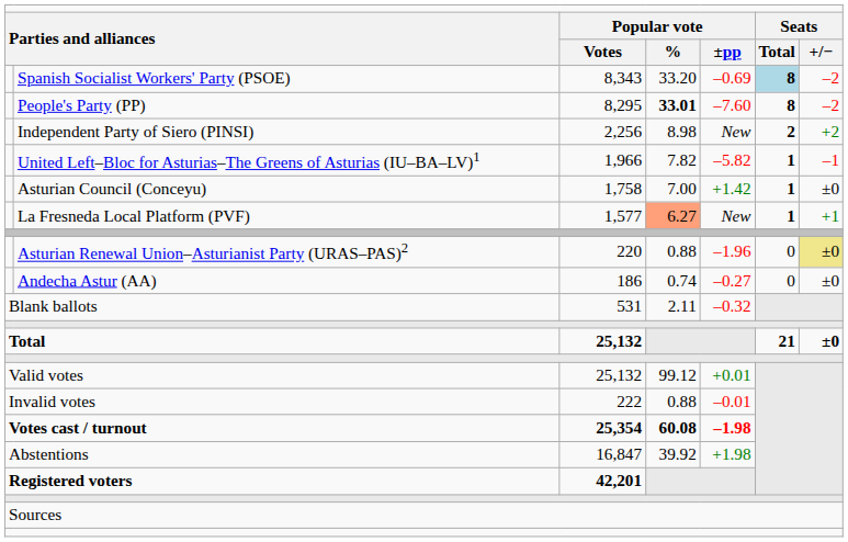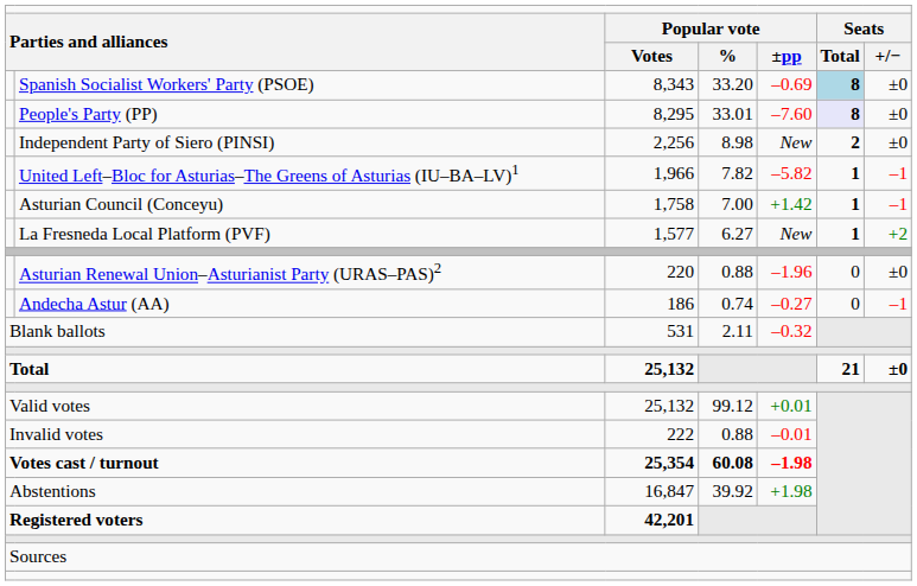 <table class="wikitable" style="text-align:right;">
 <tr>
 <td colspan="7"></td>
 </tr>
 <tr>
 <th style="text-align:left;" rowspan="2" colspan="2" width="525">Parties and alliances</th>
 <th colspan="3">Popular vote</th>
 <th colspan="2">Seats</th>
 </tr>
 <tr>
 <th width="75">Votes</th>
 <th width="45">%</th>
 <th width="45">±<a href='#'>pp</a></th>
 <th width="35">Total</th>
 <th width="35">+/−</th>
 </tr>
 <tr>
 <td width="1" style="color:inherit;background:"></td>
 <td align="left"><a href='#'>Spanish Socialist Workers' Party</a> (PSOE)</td>
 <td>8,343</td>
 <td>33.20</td>
 <td style="color:red;">–0.69</td>
 <td style="background: lightblue;"><strong>8</strong></td>
-<td style="color:red;">–2</td>
+<td>±0</td>
 </tr>
 <tr>
 <td style="color:inherit;background:"></td>
 <td align="left"><a href='#'>People's Party</a> (PP)</td>
 <td>8,295</td>
-<td><strong>33.01</strong></td>
+<td>33.01</td>
 <td style="color:red;">–7.60</td>
-<td><strong>8</strong></td>
-<td style="color:red;">–2</td>
+<td style="background: lavender;"><strong>8</strong></td>
+<td>±0</td>
 </tr>
 <tr>
 <td style="color:inherit;background:"></td>
 <td align="left">Independent Party of Siero (PINSI)</td>
 <td>2,256</td>
 <td>8.98</td>
 <td><em>New</em></td>
 <td><strong>2</strong></td>
-<td style="color:green;">+2</td>
+<td>±0</td>
 </tr>
 <tr>
 <td style="color:inherit;background:"></td>
 <td align="left"><a href='#'>United Left</a>–<a href='#'>Bloc for Asturias</a>–<a href='#'>The Greens of Asturias</a> (IU–BA–LV)<sup>1</sup></td>
 <td>1,966</td>
 <td>7.82</td>
 <td style="color:red;">–5.82</td>
 <td><strong>1</strong></td>
 <td style="color:red;">–1</td>
 </tr>
 <tr>
 <td style="color:inherit;background:"></td>
 <td align="left">Asturian Council (Conceyu)</td>
 <td>1,758</td>
 <td>7.00</td>
 <td style="color:green;">+1.42</td>
 <td><strong>1</strong></td>
-<td>±0</td>
+<td style="color:red;">–1</td>
 </tr>
 <tr>
 <td style="color:inherit;background:"></td>
 <td align="left">La Fresneda Local Platform (PVF)</td>
 <td>1,577</td>
-<td style="background: lightsalmon;">6.27</td>
+<td>6.27</td>
 <td><em>New</em></td>
 <td><strong>1</strong></td>
-<td style="color:green;">+1</td>
+<td style="color:green;">+2</td>
 </tr>
 <tr>
 <td colspan="7" bgcolor="#C0C0C0"></td>
 </tr>
 <tr>
 <td style="color:inherit;background:"></td>
 <td align="left"><a href='#'>Asturian Renewal Union</a>–<a href='#'>Asturianist Party</a> (URAS–PAS)<sup>2</sup></td>
 <td>220</td>
 <td>0.88</td>
 <td style="color:red;">–1.96</td>
 <td>0</td>
-<td style="background: khaki;">±0</td>
+<td>±0</td>
 </tr>
 <tr>
 <td style="color:inherit;background:"></td>
 <td align="left"><a href='#'>Andecha Astur</a> (AA)</td>
 <td>186</td>
 <td>0.74</td>
 <td style="color:red;">–0.27</td>
 <td>0</td>
-<td>±0</td>
+<td style="color:red;">–1</td>
 </tr>
 <tr>
 <td align="left" colspan="2">Blank ballots</td>
 <td>531</td>
 <td>2.11</td>
 <td style="color:red;">–0.32</td>
 <td bgcolor="#E9E9E9" colspan="2"></td>
 </tr>
 <tr>
 <td colspan="7" bgcolor="#E9E9E9"></td>
 </tr>
 <tr style="font-weight:bold;">
 <td align="left" colspan="2">Total</td>
 <td>25,132</td>
 <td bgcolor="#E9E9E9" colspan="2"></td>
 <td>21</td>
 <td>±0</td>
 </tr>
 <tr>
 <td colspan="7" bgcolor="#E9E9E9"></td>
 </tr>
 <tr>
 <td align="left" colspan="2">Valid votes</td>
 <td>25,132</td>
 <td>99.12</td>
 <td style="color:green;">+0.01</td>
 <td bgcolor="#E9E9E9" colspan="2" rowspan="5"></td>
 </tr>
 <tr>
 <td align="left" colspan="2">Invalid votes</td>
 <td>222</td>
 <td>0.88</td>
 <td style="color:red;">–0.01</td>
 </tr>
 <tr style="font-weight:bold;">
 <td align="left" colspan="2">Votes cast / turnout</td>
 <td>25,354</td>
 <td>60.08</td>
 <td style="color:red;">–1.98</td>
 </tr>
 <tr>
 <td align="left" colspan="2">Abstentions</td>
 <td>16,847</td>
 <td>39.92</td>
 <td style="color:green;">+1.98</td>
 </tr>
 <tr style="font-weight:bold;">
 <td align="left" colspan="2">Registered voters</td>
 <td>42,201</td>
 <td bgcolor="#E9E9E9" colspan="2"></td>
 </tr>
 <tr>
 <td colspan="7" bgcolor="#E9E9E9"></td>
 </tr>
 <tr>
 <td align="left" colspan="7">Sources</td>
 </tr>
 <tr>
 <td colspan="7" style="text-align:left; max-width:790px;"></td>
 </tr>
 </table>
